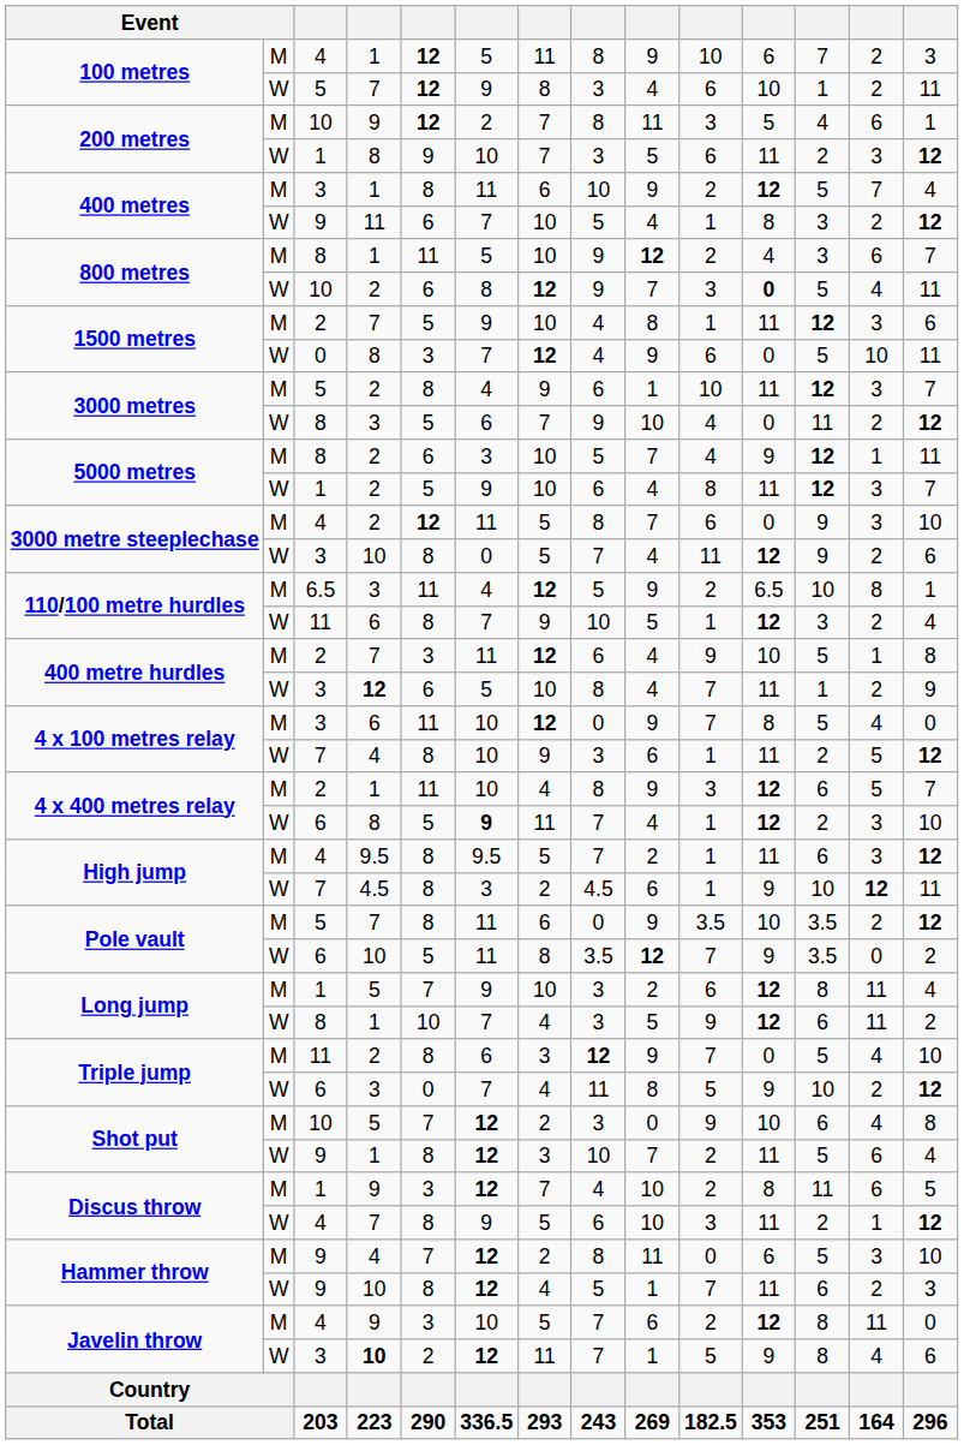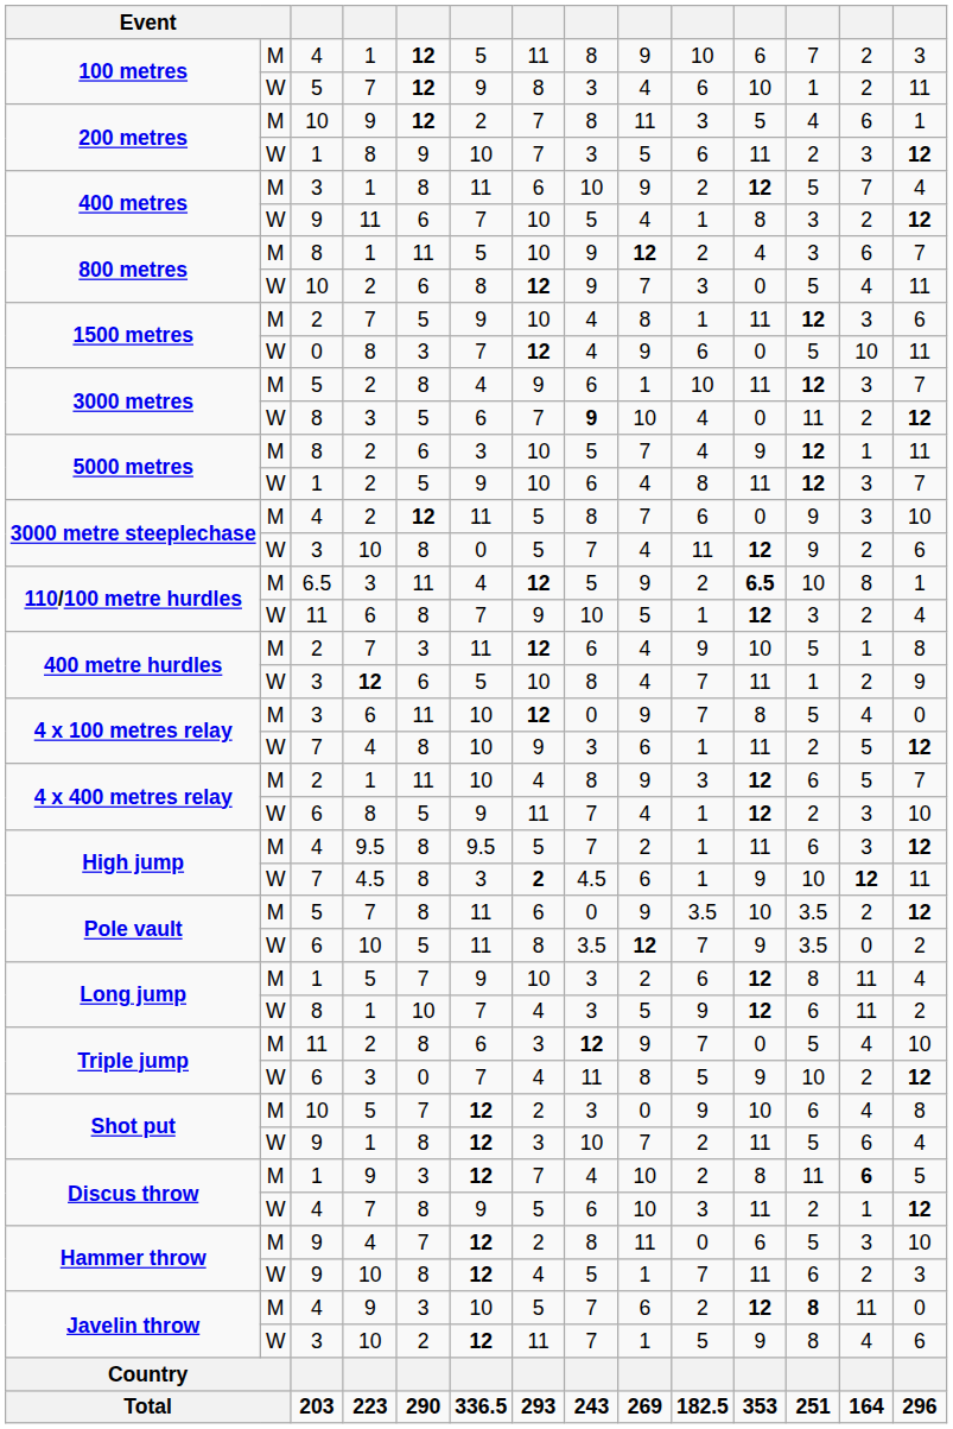 <table class="wikitable" style="background-color: #f9f9f9; font-size: 90%; text-align: center">
 <tr>
 <th width=50 colspan=2>Event</th>
 <th width=30></th>
 <th width=30></th>
 <th width=30></th>
 <th width=30></th>
 <th width=30></th>
 <th width=30></th>
 <th width=30></th>
 <th width=30></th>
 <th width=30></th>
 <th width=30></th>
 <th width=30></th>
 <th width=30></th>
 </tr>
 <tr>
 <td rowspan=2><strong><a href='#'>100 metres</a></strong></td>
 <td>M</td>
 <td>4</td>
 <td>1</td>
 <td><strong>12</strong></td>
 <td>5</td>
 <td>11</td>
 <td>8</td>
 <td>9</td>
 <td>10</td>
 <td>6</td>
 <td>7</td>
 <td>2</td>
 <td>3</td>
 </tr>
 <tr>
 <td>W</td>
 <td>5</td>
 <td>7</td>
 <td><strong>12</strong></td>
 <td>9</td>
 <td>8</td>
 <td>3</td>
 <td>4</td>
 <td>6</td>
 <td>10</td>
 <td>1</td>
 <td>2</td>
 <td>11</td>
 </tr>
 <tr>
 <td rowspan=2><strong><a href='#'>200 metres</a></strong></td>
 <td>M</td>
 <td>10</td>
 <td>9</td>
 <td><strong>12</strong></td>
 <td>2</td>
 <td>7</td>
 <td>8</td>
 <td>11</td>
 <td>3</td>
 <td>5</td>
 <td>4</td>
 <td>6</td>
 <td>1</td>
 </tr>
 <tr>
 <td>W</td>
 <td>1</td>
 <td>8</td>
 <td>9</td>
 <td>10</td>
 <td>7</td>
 <td>3</td>
 <td>5</td>
 <td>6</td>
 <td>11</td>
 <td>2</td>
 <td>3</td>
 <td><strong>12</strong></td>
 </tr>
 <tr>
 <td rowspan=2><strong><a href='#'>400 metres</a></strong></td>
 <td>M</td>
 <td>3</td>
 <td>1</td>
 <td>8</td>
 <td>11</td>
 <td>6</td>
 <td>10</td>
 <td>9</td>
 <td>2</td>
 <td><strong>12</strong></td>
 <td>5</td>
 <td>7</td>
 <td>4</td>
 </tr>
 <tr>
 <td>W</td>
 <td>9</td>
 <td>11</td>
 <td>6</td>
 <td>7</td>
 <td>10</td>
 <td>5</td>
 <td>4</td>
 <td>1</td>
 <td>8</td>
 <td>3</td>
 <td>2</td>
 <td><strong>12</strong></td>
 </tr>
 <tr>
 <td rowspan=2><strong><a href='#'>800 metres</a></strong></td>
 <td>M</td>
 <td>8</td>
 <td>1</td>
 <td>11</td>
 <td>5</td>
 <td>10</td>
 <td>9</td>
 <td><strong>12</strong></td>
 <td>2</td>
 <td>4</td>
 <td>3</td>
 <td>6</td>
 <td>7</td>
 </tr>
 <tr>
 <td>W</td>
 <td>10</td>
 <td>2</td>
 <td>6</td>
 <td>8</td>
 <td><strong>12</strong></td>
 <td>9</td>
 <td>7</td>
 <td>3</td>
-<td><strong>0</strong></td>
+<td>0</td>
 <td>5</td>
 <td>4</td>
 <td>11</td>
 </tr>
 <tr>
 <td rowspan=2><strong><a href='#'>1500 metres</a></strong></td>
 <td>M</td>
 <td>2</td>
 <td>7</td>
 <td>5</td>
 <td>9</td>
 <td>10</td>
 <td>4</td>
 <td>8</td>
 <td>1</td>
 <td>11</td>
 <td><strong>12</strong></td>
 <td>3</td>
 <td>6</td>
 </tr>
 <tr>
 <td>W</td>
 <td>0</td>
 <td>8</td>
 <td>3</td>
 <td>7</td>
 <td><strong>12</strong></td>
 <td>4</td>
 <td>9</td>
 <td>6</td>
 <td>0</td>
 <td>5</td>
 <td>10</td>
 <td>11</td>
 </tr>
 <tr>
 <td rowspan=2><strong><a href='#'>3000 metres</a></strong></td>
 <td>M</td>
 <td>5</td>
 <td>2</td>
 <td>8</td>
 <td>4</td>
 <td>9</td>
 <td>6</td>
 <td>1</td>
 <td>10</td>
 <td>11</td>
 <td><strong>12</strong></td>
 <td>3</td>
 <td>7</td>
 </tr>
 <tr>
 <td>W</td>
 <td>8</td>
 <td>3</td>
 <td>5</td>
 <td>6</td>
 <td>7</td>
-<td>9</td>
+<td><strong>9</strong></td>
 <td>10</td>
 <td>4</td>
 <td>0</td>
 <td>11</td>
 <td>2</td>
 <td><strong>12</strong></td>
 </tr>
 <tr>
 <td rowspan=2><strong><a href='#'>5000 metres</a></strong></td>
 <td>M</td>
 <td>8</td>
 <td>2</td>
 <td>6</td>
 <td>3</td>
 <td>10</td>
 <td>5</td>
 <td>7</td>
 <td>4</td>
 <td>9</td>
 <td><strong>12</strong></td>
 <td>1</td>
 <td>11</td>
 </tr>
 <tr>
 <td>W</td>
 <td>1</td>
 <td>2</td>
 <td>5</td>
 <td>9</td>
 <td>10</td>
 <td>6</td>
 <td>4</td>
 <td>8</td>
 <td>11</td>
 <td><strong>12</strong></td>
 <td>3</td>
 <td>7</td>
 </tr>
 <tr>
 <td rowspan=2><strong><a href='#'>3000 metre steeplechase</a></strong></td>
 <td>M</td>
 <td>4</td>
 <td>2</td>
 <td><strong>12</strong></td>
 <td>11</td>
 <td>5</td>
 <td>8</td>
 <td>7</td>
 <td>6</td>
 <td>0</td>
 <td>9</td>
 <td>3</td>
 <td>10</td>
 </tr>
 <tr>
 <td>W</td>
 <td>3</td>
 <td>10</td>
 <td>8</td>
 <td>0</td>
 <td>5</td>
 <td>7</td>
 <td>4</td>
 <td>11</td>
 <td><strong>12</strong></td>
 <td>9</td>
 <td>2</td>
 <td>6</td>
 </tr>
 <tr>
 <td rowspan=2><strong><a href='#'>110</a>/<a href='#'>100 metre hurdles</a></strong></td>
 <td>M</td>
 <td>6.5</td>
 <td>3</td>
 <td>11</td>
 <td>4</td>
 <td><strong>12</strong></td>
 <td>5</td>
 <td>9</td>
 <td>2</td>
-<td>6.5</td>
+<td><strong>6.5</strong></td>
 <td>10</td>
 <td>8</td>
 <td>1</td>
 </tr>
 <tr>
 <td>W</td>
 <td>11</td>
 <td>6</td>
 <td>8</td>
 <td>7</td>
 <td>9</td>
 <td>10</td>
 <td>5</td>
 <td>1</td>
 <td><strong>12</strong></td>
 <td>3</td>
 <td>2</td>
 <td>4</td>
 </tr>
 <tr>
 <td rowspan=2><strong><a href='#'>400 metre hurdles</a></strong></td>
 <td>M</td>
 <td>2</td>
 <td>7</td>
 <td>3</td>
 <td>11</td>
 <td><strong>12</strong></td>
 <td>6</td>
 <td>4</td>
 <td>9</td>
 <td>10</td>
 <td>5</td>
 <td>1</td>
 <td>8</td>
 </tr>
 <tr>
 <td>W</td>
 <td>3</td>
 <td><strong>12</strong></td>
 <td>6</td>
 <td>5</td>
 <td>10</td>
 <td>8</td>
 <td>4</td>
 <td>7</td>
 <td>11</td>
 <td>1</td>
 <td>2</td>
 <td>9</td>
 </tr>
 <tr>
 <td rowspan=2><strong><a href='#'>4 x 100 metres relay</a></strong></td>
 <td>M</td>
 <td>3</td>
 <td>6</td>
 <td>11</td>
 <td>10</td>
 <td><strong>12</strong></td>
 <td>0</td>
 <td>9</td>
 <td>7</td>
 <td>8</td>
 <td>5</td>
 <td>4</td>
 <td>0</td>
 </tr>
 <tr>
 <td>W</td>
 <td>7</td>
 <td>4</td>
 <td>8</td>
 <td>10</td>
 <td>9</td>
 <td>3</td>
 <td>6</td>
 <td>1</td>
 <td>11</td>
 <td>2</td>
 <td>5</td>
 <td><strong>12</strong></td>
 </tr>
 <tr>
 <td rowspan=2><strong><a href='#'>4 x 400 metres relay</a></strong></td>
 <td>M</td>
 <td>2</td>
 <td>1</td>
 <td>11</td>
 <td>10</td>
 <td>4</td>
 <td>8</td>
 <td>9</td>
 <td>3</td>
 <td><strong>12</strong></td>
 <td>6</td>
 <td>5</td>
 <td>7</td>
 </tr>
 <tr>
 <td>W</td>
 <td>6</td>
 <td>8</td>
 <td>5</td>
-<td><strong>9</strong></td>
+<td>9</td>
 <td>11</td>
 <td>7</td>
 <td>4</td>
 <td>1</td>
 <td><strong>12</strong></td>
 <td>2</td>
 <td>3</td>
 <td>10</td>
 </tr>
 <tr>
 <td rowspan=2><strong><a href='#'>High jump</a></strong></td>
 <td>M</td>
 <td>4</td>
 <td>9.5</td>
 <td>8</td>
 <td>9.5</td>
 <td>5</td>
 <td>7</td>
 <td>2</td>
 <td>1</td>
 <td>11</td>
 <td>6</td>
 <td>3</td>
 <td><strong>12</strong></td>
 </tr>
 <tr>
 <td>W</td>
 <td>7</td>
 <td>4.5</td>
 <td>8</td>
 <td>3</td>
-<td>2</td>
+<td><strong>2</strong></td>
 <td>4.5</td>
 <td>6</td>
 <td>1</td>
 <td>9</td>
 <td>10</td>
 <td><strong>12</strong></td>
 <td>11</td>
 </tr>
 <tr>
 <td rowspan=2><strong><a href='#'>Pole vault</a></strong></td>
 <td>M</td>
 <td>5</td>
 <td>7</td>
 <td>8</td>
 <td>11</td>
 <td>6</td>
 <td>0</td>
 <td>9</td>
 <td>3.5</td>
 <td>10</td>
 <td>3.5</td>
 <td>2</td>
 <td><strong>12</strong></td>
 </tr>
 <tr>
 <td>W</td>
 <td>6</td>
 <td>10</td>
 <td>5</td>
 <td>11</td>
 <td>8</td>
 <td>3.5</td>
 <td><strong>12</strong></td>
 <td>7</td>
 <td>9</td>
 <td>3.5</td>
 <td>0</td>
 <td>2</td>
 </tr>
 <tr>
 <td rowspan=2><strong><a href='#'>Long jump</a></strong></td>
 <td>M</td>
 <td>1</td>
 <td>5</td>
 <td>7</td>
 <td>9</td>
 <td>10</td>
 <td>3</td>
 <td>2</td>
 <td>6</td>
 <td><strong>12</strong></td>
 <td>8</td>
 <td>11</td>
 <td>4</td>
 </tr>
 <tr>
 <td>W</td>
 <td>8</td>
 <td>1</td>
 <td>10</td>
 <td>7</td>
 <td>4</td>
 <td>3</td>
 <td>5</td>
 <td>9</td>
 <td><strong>12</strong></td>
 <td>6</td>
 <td>11</td>
 <td>2</td>
 </tr>
 <tr>
 <td rowspan=2><strong><a href='#'>Triple jump</a></strong></td>
 <td>M</td>
 <td>11</td>
 <td>2</td>
 <td>8</td>
 <td>6</td>
 <td>3</td>
 <td><strong>12</strong></td>
 <td>9</td>
 <td>7</td>
 <td>0</td>
 <td>5</td>
 <td>4</td>
 <td>10</td>
 </tr>
 <tr>
 <td>W</td>
 <td>6</td>
 <td>3</td>
 <td>0</td>
 <td>7</td>
 <td>4</td>
 <td>11</td>
 <td>8</td>
 <td>5</td>
 <td>9</td>
 <td>10</td>
 <td>2</td>
 <td><strong>12</strong></td>
 </tr>
 <tr>
 <td rowspan=2><strong><a href='#'>Shot put</a></strong></td>
 <td>M</td>
 <td>10</td>
 <td>5</td>
 <td>7</td>
 <td><strong>12</strong></td>
 <td>2</td>
 <td>3</td>
 <td>0</td>
 <td>9</td>
 <td>10</td>
 <td>6</td>
 <td>4</td>
 <td>8</td>
 </tr>
 <tr>
 <td>W</td>
 <td>9</td>
 <td>1</td>
 <td>8</td>
 <td><strong>12</strong></td>
 <td>3</td>
 <td>10</td>
 <td>7</td>
 <td>2</td>
 <td>11</td>
 <td>5</td>
 <td>6</td>
 <td>4</td>
 </tr>
 <tr>
 <td rowspan=2><strong><a href='#'>Discus throw</a></strong></td>
 <td>M</td>
 <td>1</td>
 <td>9</td>
 <td>3</td>
 <td><strong>12</strong></td>
 <td>7</td>
 <td>4</td>
 <td>10</td>
 <td>2</td>
 <td>8</td>
 <td>11</td>
-<td>6</td>
+<td><strong>6</strong></td>
 <td>5</td>
 </tr>
 <tr>
 <td>W</td>
 <td>4</td>
 <td>7</td>
 <td>8</td>
 <td>9</td>
 <td>5</td>
 <td>6</td>
 <td>10</td>
 <td>3</td>
 <td>11</td>
 <td>2</td>
 <td>1</td>
 <td><strong>12</strong></td>
 </tr>
 <tr>
 <td rowspan=2><strong><a href='#'>Hammer throw</a></strong></td>
 <td>M</td>
 <td>9</td>
 <td>4</td>
 <td>7</td>
 <td><strong>12</strong></td>
 <td>2</td>
 <td>8</td>
 <td>11</td>
 <td>0</td>
 <td>6</td>
 <td>5</td>
 <td>3</td>
 <td>10</td>
 </tr>
 <tr>
 <td>W</td>
 <td>9</td>
 <td>10</td>
 <td>8</td>
 <td><strong>12</strong></td>
 <td>4</td>
 <td>5</td>
 <td>1</td>
 <td>7</td>
 <td>11</td>
 <td>6</td>
 <td>2</td>
 <td>3</td>
 </tr>
 <tr>
 <td rowspan=2><strong><a href='#'>Javelin throw</a></strong></td>
 <td>M</td>
 <td>4</td>
 <td>9</td>
 <td>3</td>
 <td>10</td>
 <td>5</td>
 <td>7</td>
 <td>6</td>
 <td>2</td>
 <td><strong>12</strong></td>
-<td>8</td>
+<td><strong>8</strong></td>
 <td>11</td>
 <td>0</td>
 </tr>
 <tr>
 <td>W</td>
 <td>3</td>
-<td><strong>10</strong></td>
+<td>10</td>
 <td>2</td>
 <td><strong>12</strong></td>
 <td>11</td>
 <td>7</td>
 <td>1</td>
 <td>5</td>
 <td>9</td>
 <td>8</td>
 <td>4</td>
 <td>6</td>
 </tr>
 <tr>
 <th colspan=2>Country</th>
 <th></th>
 <th></th>
 <th></th>
 <th></th>
 <th></th>
 <th></th>
 <th></th>
 <th></th>
 <th></th>
 <th></th>
 <th></th>
 <th></th>
 </tr>
 <tr>
 <th colspan=2>Total</th>
 <td><strong>203</strong></td>
 <td><strong>223</strong></td>
 <td><strong>290</strong></td>
 <td><strong>336.5</strong></td>
 <td><strong>293</strong></td>
 <td><strong>243</strong></td>
 <td><strong>269</strong></td>
 <td><strong>182.5</strong></td>
 <td><strong>353</strong></td>
 <td><strong>251</strong></td>
 <td><strong>164</strong></td>
 <td><strong>296</strong></td>
 </tr>
 </table>
